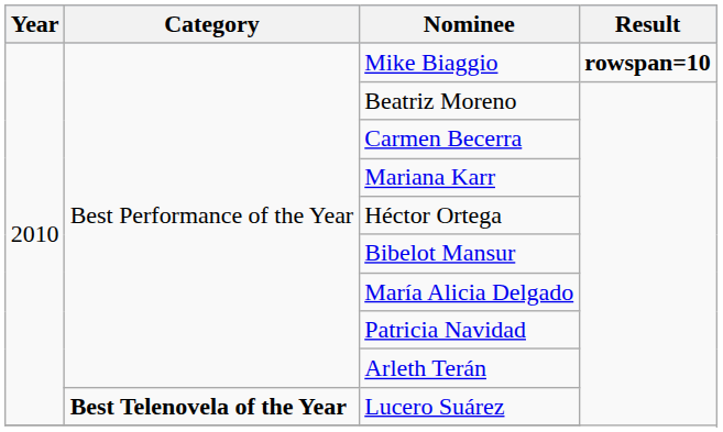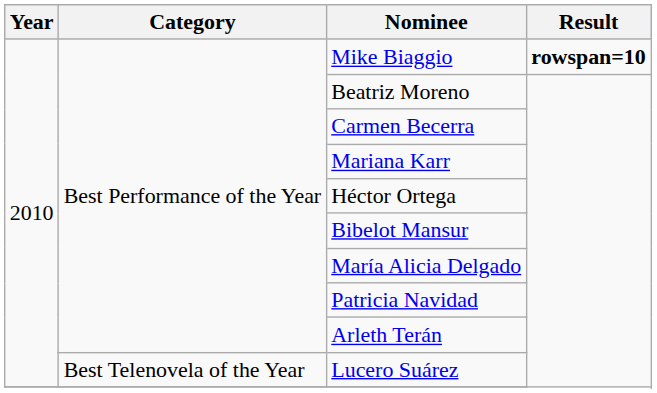 <table class="wikitable">
 <tr style="background:#b0c4de;">
 <th>Year</th>
 <th>Category</th>
 <th>Nominee</th>
 <th>Result</th>
 </tr>
 <tr>
 <td rowspan=10>2010</td>
 <td rowspan=9>Best Performance of the Year</td>
 <td><a href='#'>Mike Biaggio</a></td>
 <td><strong>rowspan=10 </strong></td>
 </tr>
 <tr>
 <td>Beatriz Moreno</td>
 </tr>
 <tr>
 <td><a href='#'>Carmen Becerra</a></td>
 </tr>
 <tr>
 <td><a href='#'>Mariana Karr</a></td>
 </tr>
 <tr>
 <td>Héctor Ortega</td>
 </tr>
 <tr>
 <td><a href='#'>Bibelot Mansur</a></td>
 </tr>
 <tr>
 <td><a href='#'>María Alicia Delgado</a></td>
 </tr>
 <tr>
 <td><a href='#'>Patricia Navidad</a></td>
 </tr>
 <tr>
 <td><a href='#'>Arleth Terán</a></td>
 </tr>
 <tr>
-<td><strong>Best Telenovela of the Year</strong></td>
+<td>Best Telenovela of the Year</td>
 <td><a href='#'>Lucero Suárez</a></td>
 </tr>
 <tr>
 </tr>
 </table>
